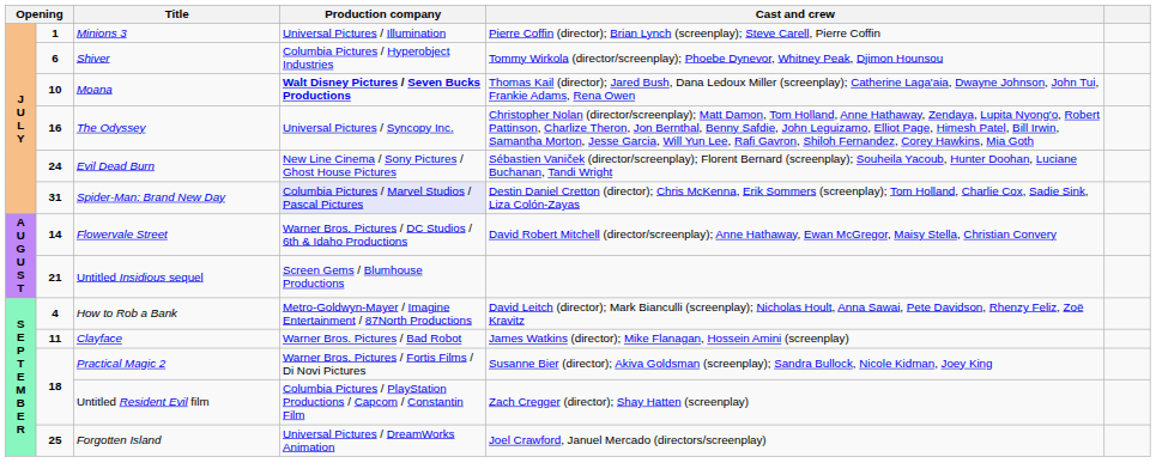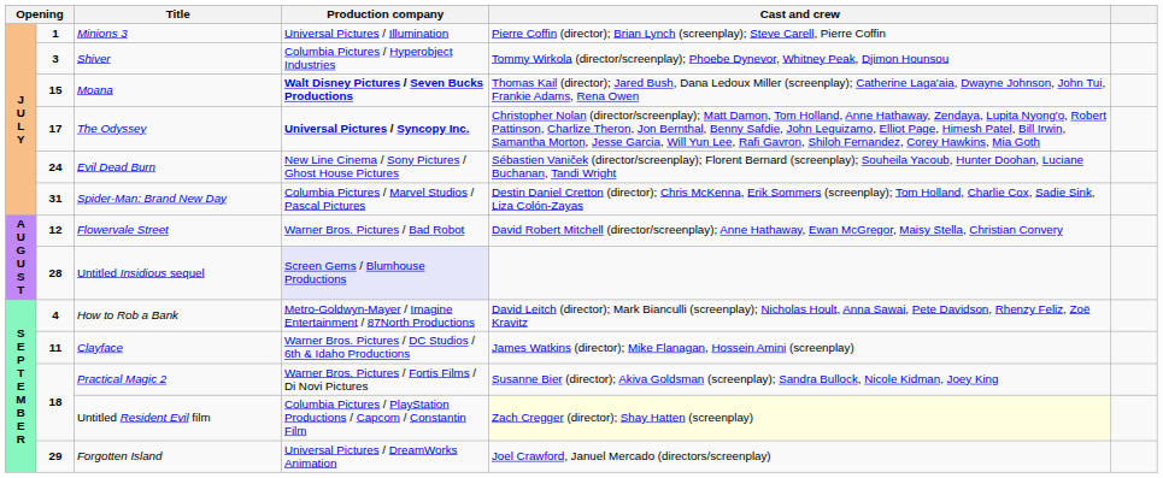 <table class="wikitable sortable">
 <tr>
 <th colspan="2" style="width:6%;">Opening</th>
 <th style="width:18%;">Title</th>
 <th style="width:18%;">Production company</th>
 <th>Cast and crew</th>
 <th style="width:4%;"  class="unsortable"></th>
 </tr>
 <tr>
 <th rowspan="6" style="text-align:center; background:#f7bf87; textcolor:#000;">J<br>U<br>L<br>Y</th>
 <td style="text-align:center"><strong>1</strong></td>
 <td><em><a href='#'>Minions 3</a></em></td>
 <td><a href='#'>Universal Pictures</a> / <a href='#'>Illumination</a></td>
 <td><a href='#'>Pierre Coffin</a> (director); <a href='#'>Brian Lynch</a> (screenplay); <a href='#'>Steve Carell</a>, Pierre Coffin</td>
 <td style="text-align:center"></td>
 </tr>
 <tr>
-<td rowspan="1" style="text-align:center"><strong>6</strong></td>
+<td rowspan="1" style="text-align:center"><strong>3</strong></td>
 <td><em><a href='#'>Shiver</a></em></td>
 <td><a href='#'>Columbia Pictures</a> / <a href='#'>Hyperobject Industries</a></td>
 <td><a href='#'>Tommy Wirkola</a> (director/screenplay); <a href='#'>Phoebe Dynevor</a>, <a href='#'>Whitney Peak</a>, <a href='#'>Djimon Hounsou</a></td>
 <td style="text-align: center;"></td>
 </tr>
 <tr>
-<td rowspan="1"style="text-align:center"><strong>10</strong></td>
+<td rowspan="1"style="text-align:center"><strong>15</strong></td>
 <td><em><a href='#'>Moana</a></em></td>
 <td><strong><a href='#'>Walt Disney Pictures</a> / <a href='#'>Seven Bucks Productions</a></strong></td>
 <td><a href='#'>Thomas Kail</a> (director); <a href='#'>Jared Bush</a>, Dana Ledoux Miller (screenplay); <a href='#'>Catherine Laga'aia</a>, <a href='#'>Dwayne Johnson</a>, <a href='#'>John Tui</a>, <a href='#'>Frankie Adams</a>, <a href='#'>Rena Owen</a></td>
 <td style="text-align:center"></td>
 </tr>
 <tr>
-<td rowspan="1" style="text-align:center"><strong>16</strong></td>
+<td rowspan="1" style="text-align:center"><strong>17</strong></td>
 <td><em><a href='#'>The Odyssey</a></em></td>
-<td><a href='#'>Universal Pictures</a> / <a href='#'>Syncopy Inc.</a></td>
+<td><strong><a href='#'>Universal Pictures</a> / <a href='#'>Syncopy Inc.</a></strong></td>
 <td><a href='#'>Christopher Nolan</a> (director/screenplay); <a href='#'>Matt Damon</a>, <a href='#'>Tom Holland</a>, <a href='#'>Anne Hathaway</a>, <a href='#'>Zendaya</a>, <a href='#'>Lupita Nyong'o</a>, <a href='#'>Robert Pattinson</a>, <a href='#'>Charlize Theron</a>, <a href='#'>Jon Bernthal</a>, <a href='#'>Benny Safdie</a>, <a href='#'>John Leguizamo</a>, <a href='#'>Elliot Page</a>, <a href='#'>Himesh Patel</a>, <a href='#'>Bill Irwin</a>, <a href='#'>Samantha Morton</a>, <a href='#'>Jesse Garcia</a>, <a href='#'>Will Yun Lee</a>, <a href='#'>Rafi Gavron</a>, <a href='#'>Shiloh Fernandez</a>, <a href='#'>Corey Hawkins</a>, <a href='#'>Mia Goth</a></td>
 <td style="text-align:center"></td>
 </tr>
 <tr>
 <td rowspan="1"style="text-align:center"><strong>24</strong></td>
 <td><em><a href='#'>Evil Dead Burn</a></em></td>
 <td><a href='#'>New Line Cinema</a> / <a href='#'>Sony Pictures</a> / <a href='#'>Ghost House Pictures</a></td>
 <td><a href='#'>Sébastien Vaniček</a> (director/screenplay); Florent Bernard (screenplay); <a href='#'>Souheila Yacoub</a>, <a href='#'>Hunter Doohan</a>, <a href='#'>Luciane Buchanan</a>, <a href='#'>Tandi Wright</a></td>
 <td style="text-align:center"></td>
 </tr>
 <tr>
 <td style="text-align:center"><strong>31</strong></td>
 <td><em><a href='#'>Spider-Man: Brand New Day</a></em></td>
-<td style="background: lavender;"><a href='#'>Columbia Pictures</a> / <a href='#'>Marvel Studios</a> / <a href='#'>Pascal Pictures</a></td>
+<td><a href='#'>Columbia Pictures</a> / <a href='#'>Marvel Studios</a> / <a href='#'>Pascal Pictures</a></td>
 <td><a href='#'>Destin Daniel Cretton</a> (director);  <a href='#'>Chris McKenna</a>, <a href='#'>Erik Sommers</a> (screenplay); <a href='#'>Tom Holland</a>, <a href='#'>Charlie Cox</a>, <a href='#'>Sadie Sink</a>, <a href='#'>Liza Colón-Zayas</a></td>
 <td style="text-align:center"></td>
 </tr>
 <tr>
 <th rowspan="2" style="text-align:center; background:#bf87f7; textcolor:#000;">A<br>U<br>G<br>U<br>S<br>T</th>
-<td style="text-align:center"><strong>14</strong></td>
+<td style="text-align:center"><strong>12</strong></td>
 <td><em><a href='#'>Flowervale Street</a></em></td>
-<td><a href='#'>Warner Bros. Pictures</a> / <a href='#'>DC Studios</a> / <a href='#'>6th & Idaho Productions</a></td>
+<td><a href='#'>Warner Bros. Pictures</a> / <a href='#'>Bad Robot</a></td>
 <td><a href='#'>David Robert Mitchell</a> (director/screenplay); <a href='#'>Anne Hathaway</a>, <a href='#'>Ewan McGregor</a>, <a href='#'>Maisy Stella</a>, <a href='#'>Christian Convery</a></td>
 <td style="text-align:center"></td>
 </tr>
 <tr>
-<td style="text-align:center"><strong>21</strong></td>
+<td style="text-align:center"><strong>28</strong></td>
 <td><a href='#'>Untitled <em>Insidious</em> sequel</a></td>
-<td><a href='#'>Screen Gems</a> / <a href='#'>Blumhouse Productions</a></td>
+<td style="background: lavender;"><a href='#'>Screen Gems</a> / <a href='#'>Blumhouse Productions</a></td>
 <td></td>
 <td style="text-align:center"></td>
 </tr>
 <tr>
 <th rowspan="5" style="text-align:center; background:#87f7bf; textcolor:#000;">S<br>E<br>P<br>T<br>E<br>M<br>B<br>E<br>R</th>
 <td style="text-align:center"><strong>4</strong></td>
 <td><em>How to Rob a Bank</em></td>
 <td><a href='#'>Metro-Goldwyn-Mayer</a> / <a href='#'>Imagine Entertainment</a> / <a href='#'>87North Productions</a></td>
 <td><a href='#'>David Leitch</a> (director); Mark Bianculli (screenplay); <a href='#'>Nicholas Hoult</a>, <a href='#'>Anna Sawai</a>, <a href='#'>Pete Davidson</a>, <a href='#'>Rhenzy Feliz</a>, <a href='#'>Zoë Kravitz</a></td>
 <td style="text-align:center"></td>
 </tr>
 <tr>
 <td style="text-align:center"><strong>11</strong></td>
 <td><em><a href='#'>Clayface</a></em></td>
-<td><a href='#'>Warner Bros. Pictures</a> / <a href='#'>Bad Robot</a></td>
+<td><a href='#'>Warner Bros. Pictures</a> / <a href='#'>DC Studios</a> / <a href='#'>6th & Idaho Productions</a></td>
 <td><a href='#'>James Watkins</a> (director); <a href='#'>Mike Flanagan</a>, <a href='#'>Hossein Amini</a> (screenplay)</td>
 <td style="text-align:center"></td>
 </tr>
 <tr>
 <td rowspan="2" style="text-align:center"><strong>18</strong></td>
 <td><em><a href='#'>Practical Magic 2</a></em></td>
 <td><a href='#'>Warner Bros. Pictures</a> / <a href='#'>Fortis Films</a> / Di Novi Pictures</td>
 <td><a href='#'>Susanne Bier</a> (director); <a href='#'>Akiva Goldsman</a> (screenplay); <a href='#'>Sandra Bullock</a>, <a href='#'>Nicole Kidman</a>, <a href='#'>Joey King</a></td>
 <td style="text-align:center"></td>
 </tr>
 <tr>
 <td>Untitled <em><a href='#'>Resident Evil</a></em> film</td>
 <td><a href='#'>Columbia Pictures</a> / <a href='#'>PlayStation Productions</a> / <a href='#'>Capcom</a> / <a href='#'>Constantin Film</a></td>
-<td><a href='#'>Zach Cregger</a> (director); <a href='#'>Shay Hatten</a> (screenplay)</td>
+<td style="background: lightyellow;"><a href='#'>Zach Cregger</a> (director); <a href='#'>Shay Hatten</a> (screenplay)</td>
 <td style="text-align:center"></td>
 </tr>
 <tr>
-<td style="text-align:center"><strong>25</strong></td>
+<td style="text-align:center"><strong>29</strong></td>
 <td><em>Forgotten Island</em></td>
 <td><a href='#'>Universal Pictures</a> / <a href='#'>DreamWorks Animation</a></td>
 <td><a href='#'>Joel Crawford</a>, Januel Mercado (directors/screenplay)</td>
 <td style="text-align:center"></td>
 </tr>
 </table>
